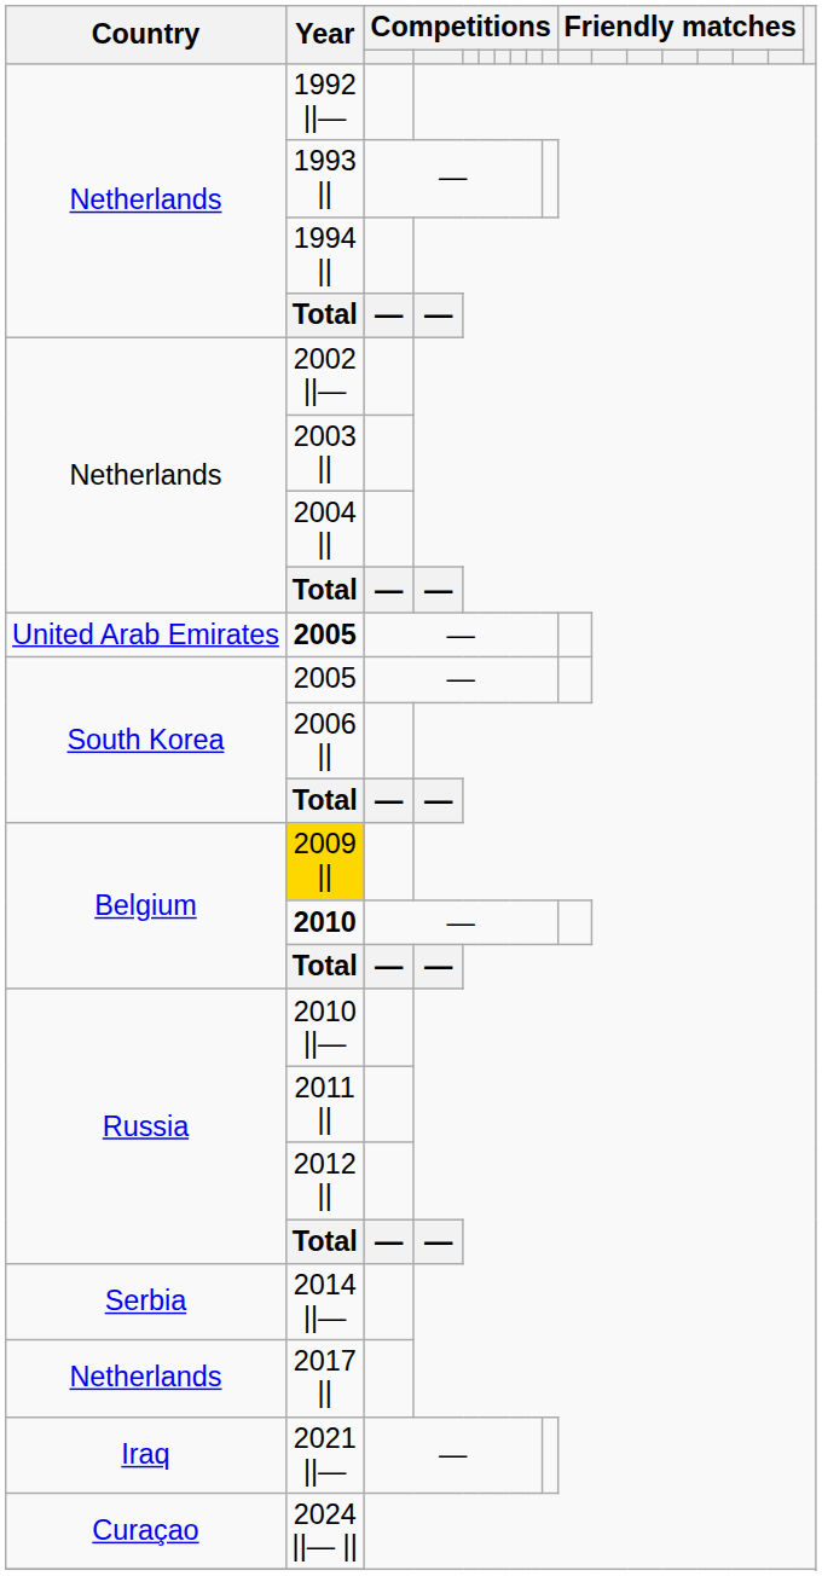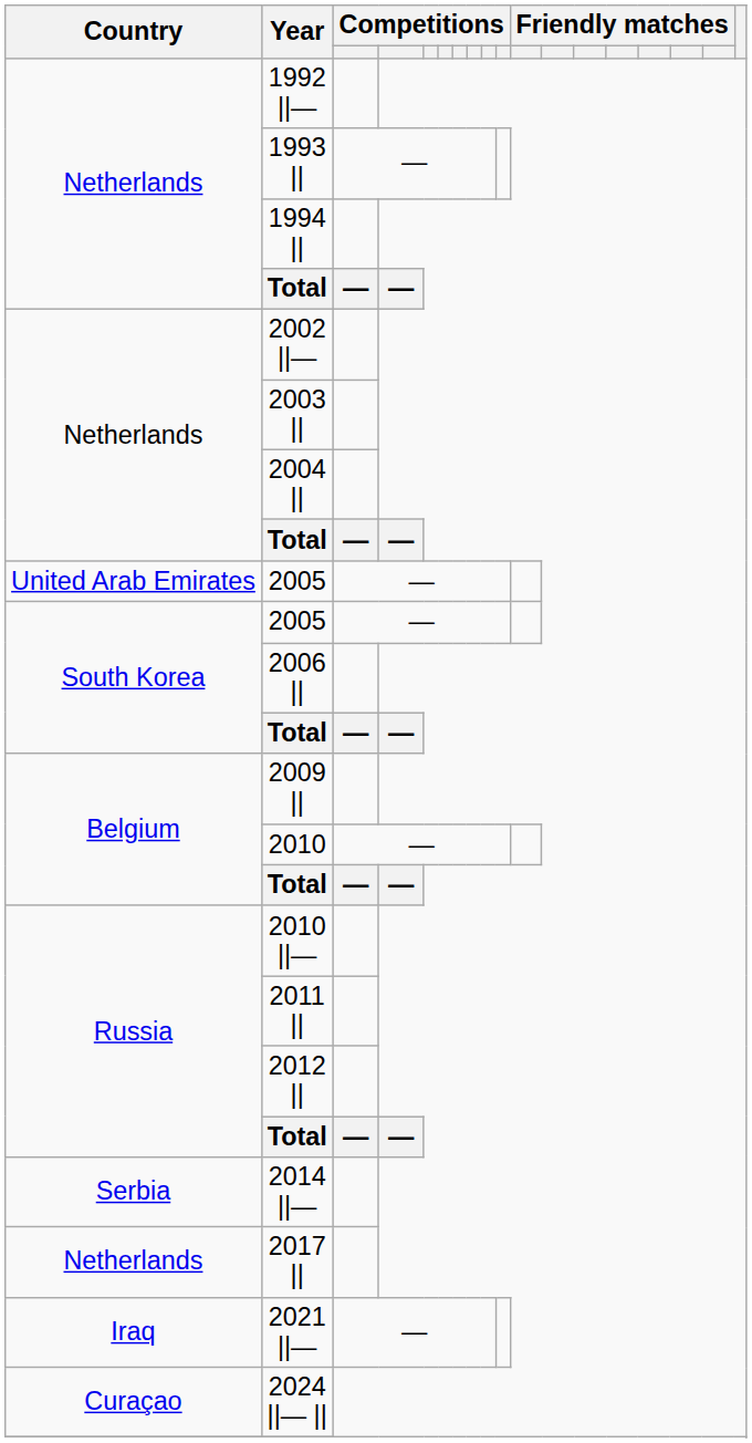 <table class="wikitable" Style="text-align: center">
 <tr>
 <th rowspan=2>Country</th>
 <th rowspan=2>Year</th>
 <th colspan=8>Competitions</th>
 <th colspan=7>Friendly matches</th>
 <th rowspan=2></th>
 </tr>
 <tr>
 <th></th>
 <th></th>
 <th></th>
 <th></th>
 <th></th>
 <th></th>
 <th></th>
 <th></th>
 <th></th>
 <th></th>
 <th></th>
 <th></th>
 <th></th>
 <th></th>
 <th></th>
 </tr>
 <tr>
 <td rowspan=4><a href='#'>Netherlands</a></td>
 <td>1992<br>||— </td>
 <td></td>
 </tr>
 <tr>
 <td>1993<br>||</td>
 <td colspan=7>—</td>
 <td></td>
 </tr>
 <tr>
 <td>1994<br>|| </td>
 <td></td>
 </tr>
 <tr>
 <th>Total<br></th>
 <th>—<br></th>
 <th>—</th>
 </tr>
 <tr>
 <td rowspan=4>Netherlands</td>
 <td>2002<br>||— </td>
 <td></td>
 </tr>
 <tr>
 <td>2003<br>|| </td>
 <td></td>
 </tr>
 <tr>
 <td>2004<br>|| </td>
 <td></td>
 </tr>
 <tr>
 <th>Total<br></th>
 <th>—<br></th>
 <th>—</th>
 </tr>
 <tr>
 <td><a href='#'>United Arab Emirates</a></td>
-<td><strong>2005</strong></td>
+<td>2005</td>
 <td colspan=8>—<br></td>
 <td></td>
 </tr>
 <tr>
 <td rowspan=3><a href='#'>South Korea</a></td>
 <td>2005</td>
 <td colspan=8>—<br></td>
 <td></td>
 </tr>
 <tr>
 <td>2006<br>|| </td>
 <td></td>
 </tr>
 <tr>
 <th>Total<br></th>
 <th>—<br></th>
 <th>—</th>
 </tr>
 <tr>
 <td rowspan=3><a href='#'>Belgium</a></td>
-<td style="background: gold;">2009<br>|| </td>
+<td>2009<br>|| </td>
 <td></td>
 </tr>
 <tr>
-<td><strong>2010</strong></td>
+<td>2010</td>
 <td colspan=8>—<br></td>
 <td></td>
 </tr>
 <tr>
 <th>Total<br></th>
 <th>—<br></th>
 <th>—</th>
 </tr>
 <tr>
 <td rowspan=4><a href='#'>Russia</a></td>
 <td>2010<br>||— </td>
 <td></td>
 </tr>
 <tr>
 <td>2011<br>|| </td>
 <td></td>
 </tr>
 <tr>
 <td>2012<br>|| </td>
 <td></td>
 </tr>
 <tr>
 <th>Total<br></th>
 <th>—<br></th>
 <th>—</th>
 </tr>
 <tr>
 <td><a href='#'>Serbia</a></td>
 <td>2014<br>||— </td>
 <td></td>
 </tr>
 <tr>
 <td><a href='#'>Netherlands</a></td>
 <td>2017<br>|| </td>
 <td></td>
 </tr>
 <tr>
 <td><a href='#'>Iraq</a></td>
 <td>2021<br>||—</td>
 <td colspan=7>—</td>
 <td></td>
 </tr>
 <tr>
 <td><a href='#'>Curaçao</a></td>
 <td>2024<br>||— ||</td>
 </tr>
 <tr>
 </tr>
 </table>
